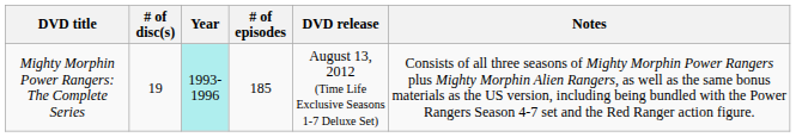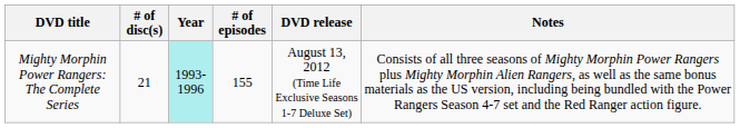 <table class="wikitable"  style="width:99%; left:0 auto; text-align:center;">
 <tr>
 <th>DVD title</th>
 <th># of disc(s)</th>
 <th>Year</th>
 <th># of episodes</th>
 <th>DVD release</th>
 <th>Notes</th>
 </tr>
 <tr>
 <td><em>Mighty Morphin Power Rangers: The Complete Series</em></td>
-<td>19</td>
+<td>21</td>
 <td style="background: paleturquoise;">1993-1996</td>
-<td>185</td>
+<td>155</td>
 <td>August 13, 2012<br><small>(Time Life Exclusive Seasons 1-7 Deluxe Set)</small></td>
 <td>Consists of all three seasons of <em>Mighty Morphin Power Rangers</em> plus <em>Mighty Morphin Alien Rangers</em>, as well as the same bonus materials as the US version, including being bundled with the Power Rangers Season 4-7 set and the Red Ranger action figure.</td>
 </tr>
 </table>
